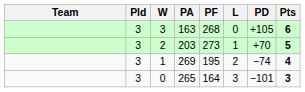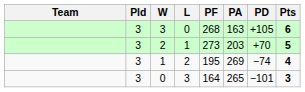 <table class=wikitable style="text-align:center">
 <tr>
 <th width=180>Team</th>
 <th width=30>Pld</th>
 <th width=30>W</th>
+<th width=30>L</th>
+<th width=30>PF</th>
 <th width=30>PA</th>
-<th width=30>PF</th>
-<th width=30>L</th>
 <th width=30>PD</th>
 <th width=30>Pts</th>
 </tr>
 <tr bgcolor="#ccffcc">
 <td align="left"></td>
 <td>3</td>
 <td>3</td>
+<td>0</td>
+<td>268</td>
 <td>163</td>
-<td>268</td>
-<td>0</td>
 <td>+105</td>
 <td><strong>6</strong></td>
 </tr>
 <tr bgcolor="#ccffcc">
 <td align="left"></td>
 <td>3</td>
 <td>2</td>
+<td>1</td>
+<td>273</td>
 <td>203</td>
-<td>273</td>
-<td>1</td>
 <td>+70</td>
 <td><strong>5</strong></td>
 </tr>
 <tr>
 <td align="left"></td>
 <td>3</td>
 <td>1</td>
+<td>2</td>
+<td>195</td>
 <td>269</td>
-<td>195</td>
-<td>2</td>
 <td>−74</td>
 <td><strong>4</strong></td>
 </tr>
 <tr>
 <td align="left"></td>
 <td>3</td>
 <td>0</td>
+<td>3</td>
+<td>164</td>
 <td>265</td>
-<td>164</td>
-<td>3</td>
 <td>−101</td>
 <td><strong>3</strong></td>
 </tr>
 </table>
